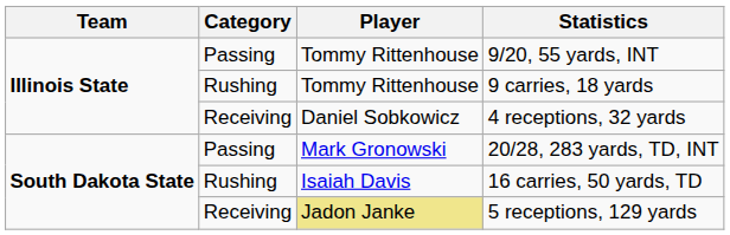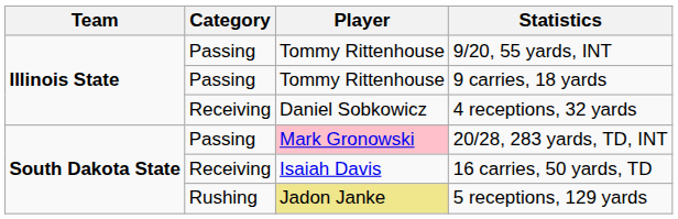 <table class="wikitable" style="float: left;">
 <tr>
 <th>Team</th>
 <th>Category</th>
 <th>Player</th>
 <th>Statistics</th>
 </tr>
 <tr>
 <td rowspan=3><strong>Illinois State</strong></td>
 <td>Passing</td>
 <td>Tommy Rittenhouse</td>
 <td>9/20, 55 yards, INT</td>
 </tr>
 <tr>
-<td>Rushing</td>
+<td>Passing</td>
 <td>Tommy Rittenhouse</td>
 <td>9 carries, 18 yards</td>
 </tr>
 <tr>
 <td>Receiving</td>
 <td>Daniel Sobkowicz</td>
 <td>4 receptions, 32 yards</td>
 </tr>
 <tr>
 <td rowspan=3><strong>South Dakota State</strong></td>
 <td>Passing</td>
-<td><a href='#'>Mark Gronowski</a></td>
+<td style="background: pink;"><a href='#'>Mark Gronowski</a></td>
 <td>20/28, 283 yards, TD, INT</td>
 </tr>
 <tr>
-<td>Rushing</td>
+<td>Receiving</td>
 <td><a href='#'>Isaiah Davis</a></td>
 <td>16 carries, 50 yards, TD</td>
 </tr>
 <tr>
-<td>Receiving</td>
+<td>Rushing</td>
 <td style="background: khaki;">Jadon Janke</td>
 <td>5 receptions, 129 yards</td>
 </tr>
 </table>
